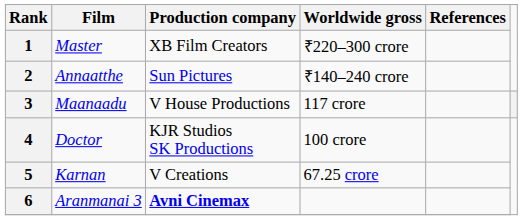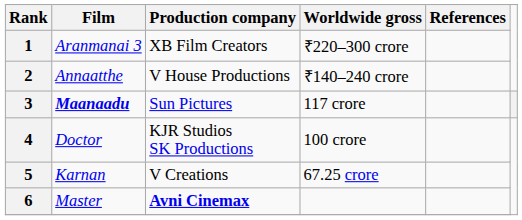 <table class="wikitable sortable" style="margin:auto; margin:auto;">
 <tr>
 <th>Rank</th>
 <th>Film</th>
 <th>Production company</th>
 <th>Worldwide gross</th>
 <th>References</th>
 </tr>
 <tr>
 <th style="text-align:center;">1</th>
-<td><em><a href='#'>Master</a></em></td>
+<td><em><a href='#'>Aranmanai 3</a></em></td>
 <td>XB Film Creators</td>
 <td>₹220–300 crore</td>
 <td></td>
 </tr>
 <tr>
 <th style="textalign:center;">2</th>
 <td><em><a href='#'>Annaatthe</a></em></td>
-<td><a href='#'>Sun Pictures</a></td>
+<td>V House Productions</td>
 <td>₹140–240 crore</td>
 <td></td>
 </tr>
 <tr>
 <th style="text-align:center;">3</th>
-<td><em><a href='#'>Maanaadu</a></em></td>
-<td>V House Productions</td>
+<td><strong><em><a href='#'>Maanaadu</a></em></strong></td>
+<td><a href='#'>Sun Pictures</a></td>
 <td>117 crore</td>
 <td></td>
 <th></th>
 </tr>
 <tr>
 <th style="text-align:center;">4</th>
 <td><em><a href='#'>Doctor</a></em></td>
 <td>KJR Studios<br><a href='#'>SK Productions</a></td>
 <td>100 crore</td>
 <td></td>
 </tr>
 <tr>
 <th style="text-align:center;">5</th>
 <td><em><a href='#'>Karnan</a></em></td>
 <td Kalaipuli S. Thanu>V Creations</td>
 <td>67.25 <a href='#'>crore</a></td>
 <td></td>
 </tr>
 <tr>
 <th style="text-align:center;">6</th>
-<td><em><a href='#'>Aranmanai 3</a></em></td>
+<td><em><a href='#'>Master</a></em></td>
 <td><strong><a href='#'>Avni Cinemax</a></strong></td>
 <td></td>
 <td></td>
 </tr>
 <tr>
 </tr>
 </table>
